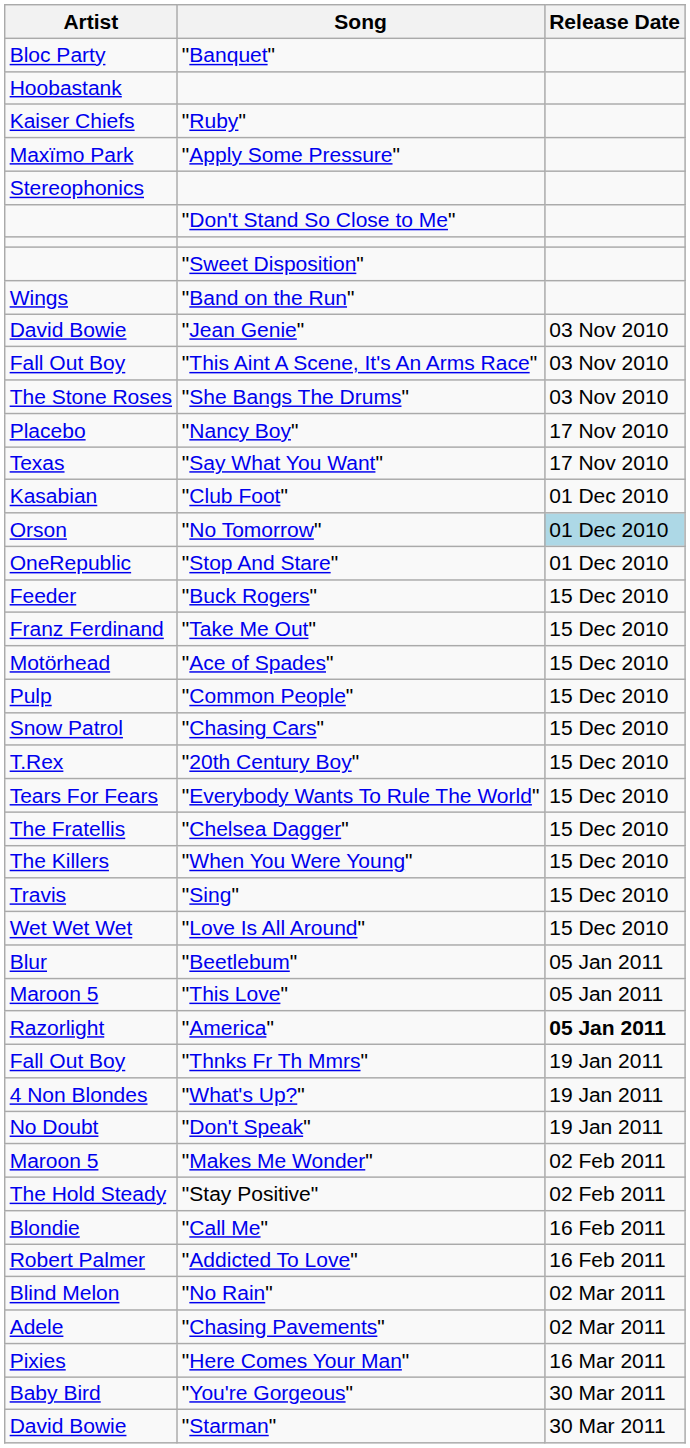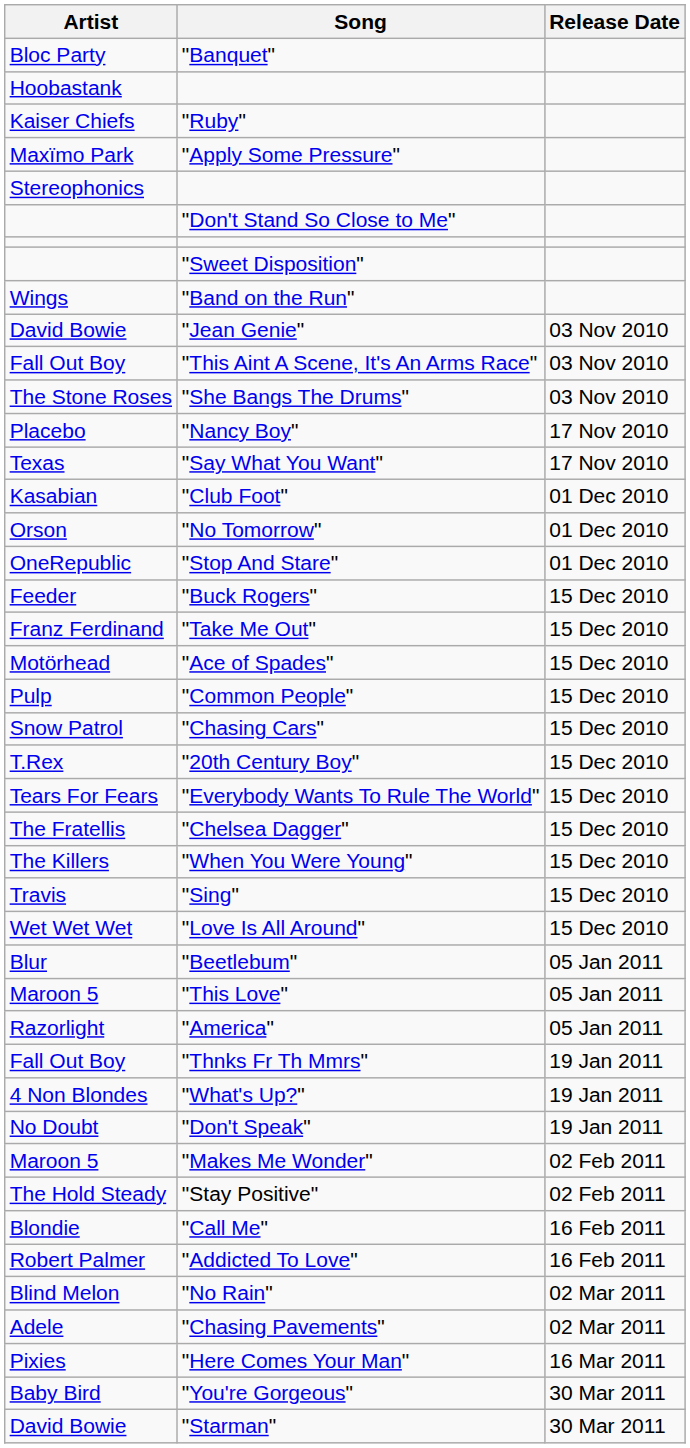 <table class="wikitable sortable" style="font-size:90%;">
 <tr>
 <th>Artist</th>
 <th>Song</th>
 <th>Release Date</th>
 </tr>
 <tr>
 <td><a href='#'>Bloc Party</a></td>
 <td>"<a href='#'>Banquet</a>"</td>
 <td></td>
 </tr>
 <tr>
 <td><a href='#'>Hoobastank</a></td>
 <td></td>
 <td></td>
 </tr>
 <tr>
 <td><a href='#'>Kaiser Chiefs</a></td>
 <td>"<a href='#'>Ruby</a>"</td>
 <td></td>
 </tr>
 <tr>
 <td><a href='#'>Maxïmo Park</a></td>
 <td>"<a href='#'>Apply Some Pressure</a>"</td>
 <td></td>
 </tr>
 <tr>
 <td><a href='#'>Stereophonics</a></td>
 <td></td>
 <td></td>
 </tr>
 <tr>
 <td></td>
 <td>"<a href='#'>Don't Stand So Close to Me</a>"</td>
 <td></td>
 </tr>
 <tr>
 <td></td>
 <td></td>
 <td></td>
 </tr>
 <tr>
 <td></td>
 <td>"<a href='#'>Sweet Disposition</a>"</td>
 <td></td>
 </tr>
 <tr>
 <td><a href='#'>Wings</a></td>
 <td>"<a href='#'>Band on the Run</a>"</td>
 <td></td>
 </tr>
 <tr>
 <td><a href='#'>David Bowie</a></td>
 <td>"<a href='#'>Jean Genie</a>"</td>
 <td>03 Nov 2010</td>
 </tr>
 <tr>
 <td><a href='#'>Fall Out Boy</a></td>
 <td>"<a href='#'>This Aint A Scene, It's An Arms Race</a>"</td>
 <td>03 Nov 2010</td>
 </tr>
 <tr>
 <td><a href='#'>The Stone Roses</a></td>
 <td>"<a href='#'>She Bangs The Drums</a>"</td>
 <td>03 Nov 2010</td>
 </tr>
 <tr>
 <td><a href='#'>Placebo</a></td>
 <td>"<a href='#'>Nancy Boy</a>"</td>
 <td>17 Nov 2010</td>
 </tr>
 <tr>
 <td><a href='#'>Texas</a></td>
 <td>"<a href='#'>Say What You Want</a>"</td>
 <td>17 Nov 2010</td>
 </tr>
 <tr>
 <td><a href='#'>Kasabian</a></td>
 <td>"<a href='#'>Club Foot</a>"</td>
 <td>01 Dec 2010</td>
 </tr>
 <tr>
 <td><a href='#'>Orson</a></td>
 <td>"<a href='#'>No Tomorrow</a>"</td>
-<td style="background: lightblue;">01 Dec 2010</td>
+<td>01 Dec 2010</td>
 </tr>
 <tr>
 <td><a href='#'>OneRepublic</a></td>
 <td>"<a href='#'>Stop And Stare</a>"</td>
 <td>01 Dec 2010</td>
 </tr>
 <tr>
 <td><a href='#'>Feeder</a></td>
 <td>"<a href='#'>Buck Rogers</a>"</td>
 <td>15 Dec 2010</td>
 </tr>
 <tr>
 <td><a href='#'>Franz Ferdinand</a></td>
 <td>"<a href='#'>Take Me Out</a>"</td>
 <td>15 Dec 2010</td>
 </tr>
 <tr>
 <td><a href='#'>Motörhead</a></td>
 <td>"<a href='#'>Ace of Spades</a>"</td>
 <td>15 Dec 2010</td>
 </tr>
 <tr>
 <td><a href='#'>Pulp</a></td>
 <td>"<a href='#'>Common People</a>"</td>
 <td>15 Dec 2010</td>
 </tr>
 <tr>
 <td><a href='#'>Snow Patrol</a></td>
 <td>"<a href='#'>Chasing Cars</a>"</td>
 <td>15 Dec 2010</td>
 </tr>
 <tr>
 <td><a href='#'>T.Rex</a></td>
 <td>"<a href='#'>20th Century Boy</a>"</td>
 <td>15 Dec 2010</td>
 </tr>
 <tr>
 <td><a href='#'>Tears For Fears</a></td>
 <td>"<a href='#'>Everybody Wants To Rule The World</a>"</td>
 <td>15 Dec 2010</td>
 </tr>
 <tr>
 <td><a href='#'>The Fratellis</a></td>
 <td>"<a href='#'>Chelsea Dagger</a>"</td>
 <td>15 Dec 2010</td>
 </tr>
 <tr>
 <td><a href='#'>The Killers</a></td>
 <td>"<a href='#'>When You Were Young</a>"</td>
 <td>15 Dec 2010</td>
 </tr>
 <tr>
 <td><a href='#'>Travis</a></td>
 <td>"<a href='#'>Sing</a>"</td>
 <td>15 Dec 2010</td>
 </tr>
 <tr>
 <td><a href='#'>Wet Wet Wet</a></td>
 <td>"<a href='#'>Love Is All Around</a>"</td>
 <td>15 Dec 2010</td>
 </tr>
 <tr>
 <td><a href='#'>Blur</a></td>
 <td>"<a href='#'>Beetlebum</a>"</td>
 <td>05 Jan 2011</td>
 </tr>
 <tr>
 <td><a href='#'>Maroon 5</a></td>
 <td>"<a href='#'>This Love</a>"</td>
 <td>05 Jan 2011</td>
 </tr>
 <tr>
 <td><a href='#'>Razorlight</a></td>
 <td>"<a href='#'>America</a>"</td>
-<td><strong>05 Jan 2011</strong></td>
+<td>05 Jan 2011</td>
 </tr>
 <tr>
 <td><a href='#'>Fall Out Boy</a></td>
 <td>"<a href='#'>Thnks Fr Th Mmrs</a>"</td>
 <td>19 Jan 2011</td>
 </tr>
 <tr>
 <td><a href='#'>4 Non Blondes</a></td>
 <td>"<a href='#'>What's Up?</a>"</td>
 <td>19 Jan 2011</td>
 </tr>
 <tr>
 <td><a href='#'>No Doubt</a></td>
 <td>"<a href='#'>Don't Speak</a>"</td>
 <td>19 Jan 2011</td>
 </tr>
 <tr>
 <td><a href='#'>Maroon 5</a></td>
 <td>"<a href='#'>Makes Me Wonder</a>"</td>
 <td>02 Feb 2011</td>
 </tr>
 <tr>
 <td><a href='#'>The Hold Steady</a></td>
 <td>"Stay Positive"</td>
 <td>02 Feb 2011</td>
 </tr>
 <tr>
 <td><a href='#'>Blondie</a></td>
 <td>"<a href='#'>Call Me</a>"</td>
 <td>16 Feb 2011</td>
 </tr>
 <tr>
 <td><a href='#'>Robert Palmer</a></td>
 <td>"<a href='#'>Addicted To Love</a>"</td>
 <td>16 Feb 2011</td>
 </tr>
 <tr>
 <td><a href='#'>Blind Melon</a></td>
 <td>"<a href='#'>No Rain</a>"</td>
 <td>02 Mar 2011</td>
 </tr>
 <tr>
 <td><a href='#'>Adele</a></td>
 <td>"<a href='#'>Chasing Pavements</a>"</td>
 <td>02 Mar 2011</td>
 </tr>
 <tr>
 <td><a href='#'>Pixies</a></td>
 <td>"<a href='#'>Here Comes Your Man</a>"</td>
 <td>16 Mar 2011</td>
 </tr>
 <tr>
 <td><a href='#'>Baby Bird</a></td>
 <td>"<a href='#'>You're Gorgeous</a>"</td>
 <td>30 Mar 2011</td>
 </tr>
 <tr>
 <td><a href='#'>David Bowie</a></td>
 <td>"<a href='#'>Starman</a>"</td>
 <td>30 Mar 2011</td>
 </tr>
 </table>
